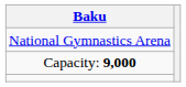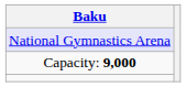 <table class="wikitable" style="margin:auto;text-align:center">
 <tr>
 <th><a href='#'>Baku</a></th>
 <th rowspan="4"></th>
 </tr>
 <tr>
-<td><a href='#'>National Gymnastics Arena</a></td>
+<td style="background: lavender;"><a href='#'>National Gymnastics Arena</a></td>
 </tr>
 <tr>
 <td>Capacity: <strong>9,000</strong></td>
 </tr>
 <tr>
 <td></td>
 </tr>
 </table>
